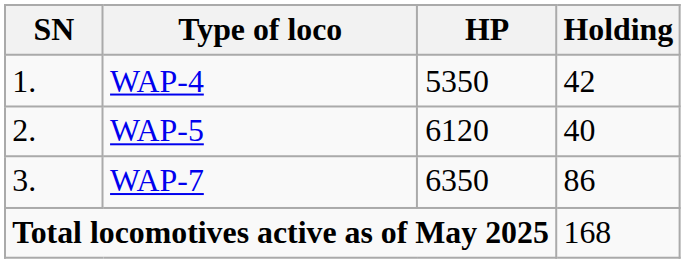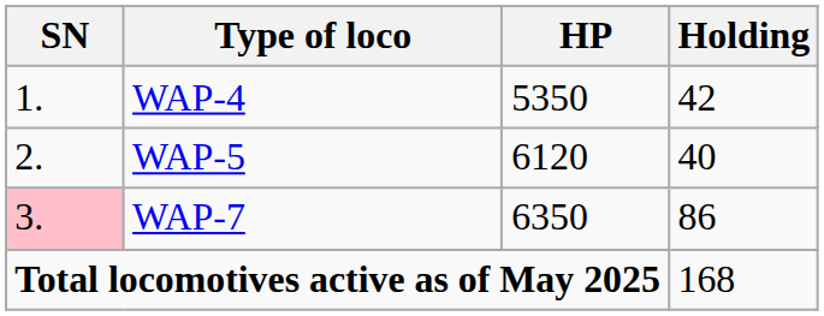 <table class="wikitable">
 <tr>
 <th>SN</th>
 <th>Type of loco</th>
 <th>HP</th>
 <th>Holding</th>
 </tr>
 <tr>
 <td>1.</td>
 <td><a href='#'>WAP-4</a></td>
 <td>5350</td>
 <td>42</td>
 </tr>
 <tr>
 <td>2.</td>
 <td><a href='#'>WAP-5</a></td>
 <td>6120</td>
 <td>40</td>
 </tr>
 <tr>
-<td>3.</td>
+<td style="background: pink;">3.</td>
 <td><a href='#'>WAP-7</a></td>
 <td>6350</td>
 <td>86</td>
 </tr>
 <tr>
 <td colspan="3"><strong>Total locomotives active as of May 2025</strong></td>
 <td>168</td>
 </tr>
 </table>
